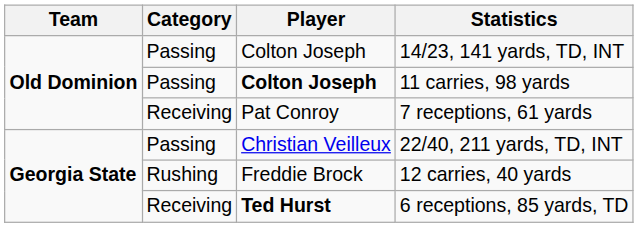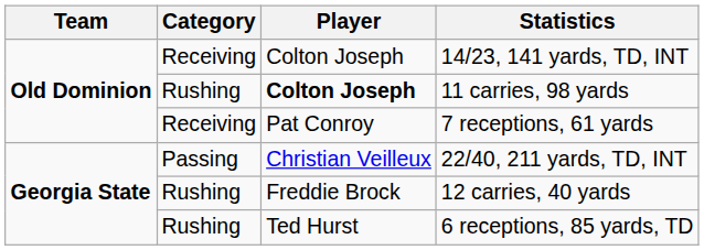 <table class="wikitable" style="float: right;">
 <tr>
 <th>Team</th>
 <th>Category</th>
 <th>Player</th>
 <th>Statistics</th>
 </tr>
 <tr>
 <td rowspan=3><strong>Old Dominion</strong></td>
-<td>Passing</td>
+<td>Receiving</td>
 <td>Colton Joseph</td>
 <td>14/23, 141 yards, TD, INT</td>
 </tr>
 <tr>
-<td>Passing</td>
+<td>Rushing</td>
 <td><strong>Colton Joseph</strong></td>
 <td>11 carries, 98 yards</td>
 </tr>
 <tr>
 <td>Receiving</td>
 <td>Pat Conroy</td>
 <td>7 receptions, 61 yards</td>
 </tr>
 <tr>
 <td rowspan=3><strong>Georgia State</strong></td>
 <td>Passing</td>
 <td><a href='#'>Christian Veilleux</a></td>
 <td>22/40, 211 yards, TD, INT</td>
 </tr>
 <tr>
 <td>Rushing</td>
 <td>Freddie Brock</td>
 <td>12 carries, 40 yards</td>
 </tr>
 <tr>
-<td>Receiving</td>
-<td><strong>Ted Hurst</strong></td>
+<td>Rushing</td>
+<td>Ted Hurst</td>
 <td>6 receptions, 85 yards, TD</td>
 </tr>
 </table>
